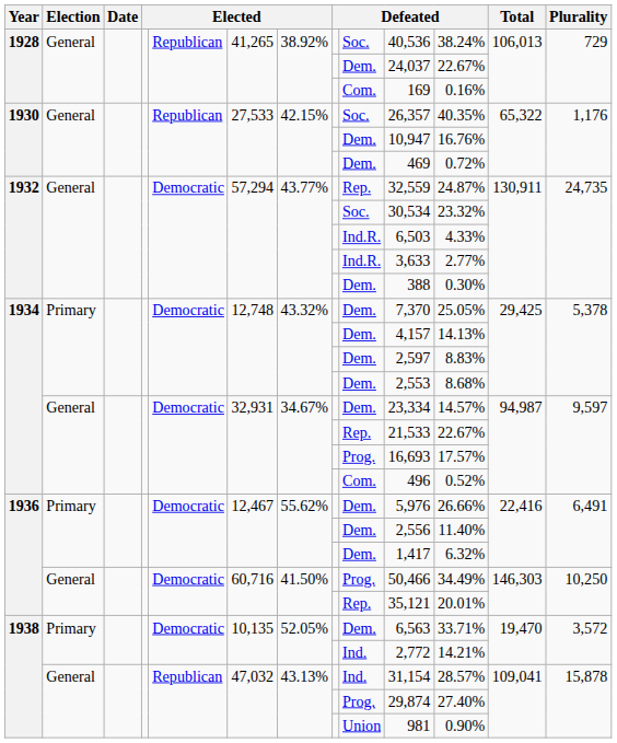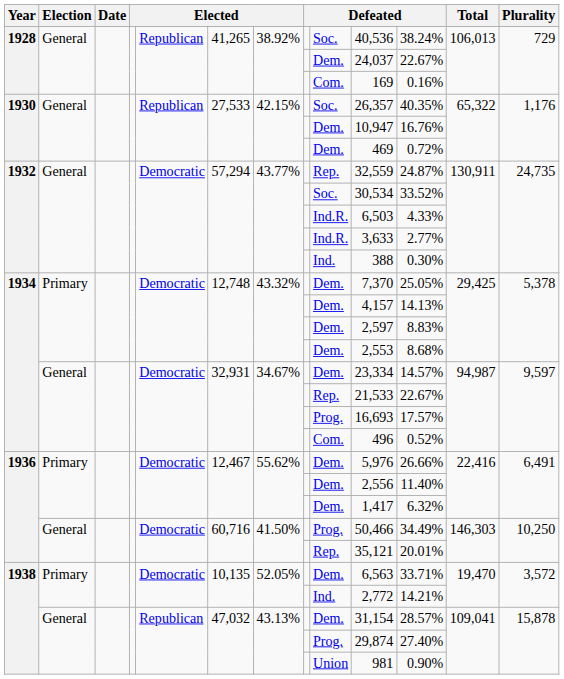 <table class=wikitable>
 <tr>
 <th>Year</th>
 <th>Election</th>
 <th>Date</th>
 <th ! colspan="4">Elected</th>
 <th ! colspan="4">Defeated</th>
 <th>Total</th>
 <th>Plurality</th>
 </tr>
 <tr>
 <th rowspan="3" valign="top">1928</th>
 <td rowspan="3" valign="top">General</td>
 <td rowspan="3" valign="top"></td>
 <td rowspan="3" valign="top"></td>
 <td rowspan="3" valign="top" ><a href='#'>Republican</a></td>
 <td rowspan="3" valign="top" align="right">41,265</td>
 <td rowspan="3" valign="top" align="right">38.92%</td>
 <td valign="top"></td>
 <td valign="top" ><a href='#'>Soc.</a></td>
 <td valign="top" align="right">40,536</td>
 <td valign="top" align="right">38.24%</td>
 <td rowspan="3" valign="top" align="right">106,013</td>
 <td rowspan="3" valign="top" align="right">729</td>
 </tr>
 <tr>
 <td valign="top"></td>
 <td valign="top" ><a href='#'>Dem.</a></td>
 <td valign="top" align="right">24,037</td>
 <td valign="top" align="right">22.67%</td>
 </tr>
 <tr>
 <td valign="top"></td>
 <td valign="top" ><a href='#'>Com.</a></td>
 <td valign="top" align="right">169</td>
 <td valign="top" align="right">0.16%</td>
 </tr>
 <tr>
 <th rowspan="3" valign="top">1930</th>
 <td rowspan="3" valign="top">General</td>
 <td rowspan="3" valign="top"></td>
 <td rowspan="3" valign="top"></td>
 <td rowspan="3" valign="top" ><a href='#'>Republican</a></td>
 <td rowspan="3" valign="top" align="right">27,533</td>
 <td rowspan="3" valign="top" align="right">42.15%</td>
 <td valign="top"></td>
 <td valign="top" ><a href='#'>Soc.</a></td>
 <td valign="top" align="right">26,357</td>
 <td valign="top" align="right">40.35%</td>
 <td rowspan="3" valign="top" align="right">65,322</td>
 <td rowspan="3" valign="top" align="right">1,176</td>
 </tr>
 <tr>
 <td valign="top"></td>
 <td valign="top" ><a href='#'>Dem.</a></td>
 <td valign="top" align="right">10,947</td>
 <td valign="top" align="right">16.76%</td>
 </tr>
 <tr>
 <td valign="top"></td>
 <td valign="top" ><a href='#'>Dem.</a></td>
 <td valign="top" align="right">469</td>
 <td valign="top" align="right">0.72%</td>
 </tr>
 <tr>
 <th rowspan="5" valign="top">1932</th>
 <td rowspan="5" valign="top">General</td>
 <td rowspan="5" valign="top"></td>
 <td rowspan="5" valign="top"></td>
 <td rowspan="5" valign="top" ><a href='#'>Democratic</a></td>
 <td rowspan="5" valign="top" align="right">57,294</td>
 <td rowspan="5" valign="top" align="right">43.77%</td>
 <td valign="top"></td>
 <td valign="top" ><a href='#'>Rep.</a></td>
 <td valign="top" align="right">32,559</td>
 <td valign="top" align="right">24.87%</td>
 <td rowspan="5" valign="top" align="right">130,911</td>
 <td rowspan="5" valign="top" align="right">24,735</td>
 </tr>
 <tr>
 <td valign="top"></td>
 <td valign="top" ><a href='#'>Soc.</a></td>
 <td valign="top" align="right">30,534</td>
-<td valign="top" align="right">23.32%</td>
+<td valign="top" align="right">33.52%</td>
 </tr>
 <tr>
 <td valign="top"></td>
 <td valign="top" ><a href='#'>Ind.R.</a></td>
 <td valign="top" align="right">6,503</td>
 <td valign="top" align="right">4.33%</td>
 </tr>
 <tr>
 <td valign="top"></td>
 <td valign="top" ><a href='#'>Ind.R.</a></td>
 <td valign="top" align="right">3,633</td>
 <td valign="top" align="right">2.77%</td>
 </tr>
 <tr>
 <td valign="top"></td>
-<td valign="top" ><a href='#'>Dem.</a></td>
+<td valign="top" ><a href='#'>Ind.</a></td>
 <td valign="top" align="right">388</td>
 <td valign="top" align="right">0.30%</td>
 </tr>
 <tr>
 <th rowspan="8" valign="top">1934</th>
 <td rowspan="4" valign="top">Primary</td>
 <td rowspan="4" valign="top"></td>
 <td rowspan="4" valign="top"></td>
 <td rowspan="4" valign="top" ><a href='#'>Democratic</a></td>
 <td rowspan="4" valign="top" align="right">12,748</td>
 <td rowspan="4" valign="top" align="right">43.32%</td>
 <td valign="top"></td>
 <td valign="top" ><a href='#'>Dem.</a></td>
 <td valign="top" align="right">7,370</td>
 <td valign="top" align="right">25.05%</td>
 <td rowspan="4" valign="top" align="right">29,425</td>
 <td rowspan="4" valign="top" align="right">5,378</td>
 </tr>
 <tr>
 <td valign="top"></td>
 <td valign="top" ><a href='#'>Dem.</a></td>
 <td valign="top" align="right">4,157</td>
 <td valign="top" align="right">14.13%</td>
 </tr>
 <tr>
 <td valign="top"></td>
 <td valign="top" ><a href='#'>Dem.</a></td>
 <td valign="top" align="right">2,597</td>
 <td valign="top" align="right">8.83%</td>
 </tr>
 <tr>
 <td valign="top"></td>
 <td valign="top" ><a href='#'>Dem.</a></td>
 <td valign="top" align="right">2,553</td>
 <td valign="top" align="right">8.68%</td>
 </tr>
 <tr>
 <td rowspan="4" valign="top">General</td>
 <td rowspan="4" valign="top"></td>
 <td rowspan="4" valign="top"></td>
 <td rowspan="4" valign="top" ><a href='#'>Democratic</a></td>
 <td rowspan="4" valign="top" align="right">32,931</td>
 <td rowspan="4" valign="top" align="right">34.67%</td>
 <td valign="top"></td>
 <td valign="top" ><a href='#'>Dem.</a></td>
 <td valign="top" align="right">23,334</td>
 <td valign="top" align="right">14.57%</td>
 <td rowspan="4" valign="top" align="right">94,987</td>
 <td rowspan="4" valign="top" align="right">9,597</td>
 </tr>
 <tr>
 <td valign="top"></td>
 <td valign="top" ><a href='#'>Rep.</a></td>
 <td valign="top" align="right">21,533</td>
 <td valign="top" align="right">22.67%</td>
 </tr>
 <tr>
 <td valign="top"></td>
 <td valign="top" ><a href='#'>Prog.</a></td>
 <td valign="top" align="right">16,693</td>
 <td valign="top" align="right">17.57%</td>
 </tr>
 <tr>
 <td valign="top"></td>
 <td valign="top" ><a href='#'>Com.</a></td>
 <td valign="top" align="right">496</td>
 <td valign="top" align="right">0.52%</td>
 </tr>
 <tr>
 <th rowspan="5" valign="top">1936</th>
 <td rowspan="3" valign="top">Primary</td>
 <td rowspan="3" valign="top"></td>
 <td rowspan="3" valign="top"></td>
 <td rowspan="3" valign="top" ><a href='#'>Democratic</a></td>
 <td rowspan="3" valign="top" align="right">12,467</td>
 <td rowspan="3" valign="top" align="right">55.62%</td>
 <td valign="top"></td>
 <td valign="top" ><a href='#'>Dem.</a></td>
 <td valign="top" align="right">5,976</td>
 <td valign="top" align="right">26.66%</td>
 <td rowspan="3" valign="top" align="right">22,416</td>
 <td rowspan="3" valign="top" align="right">6,491</td>
 </tr>
 <tr>
 <td valign="top"></td>
 <td valign="top" ><a href='#'>Dem.</a></td>
 <td valign="top" align="right">2,556</td>
 <td valign="top" align="right">11.40%</td>
 </tr>
 <tr>
 <td valign="top"></td>
 <td valign="top" ><a href='#'>Dem.</a></td>
 <td valign="top" align="right">1,417</td>
 <td valign="top" align="right">6.32%</td>
 </tr>
 <tr>
 <td rowspan="2" valign="top">General</td>
 <td rowspan="2" valign="top"></td>
 <td rowspan="2" valign="top"></td>
 <td rowspan="2" valign="top" ><a href='#'>Democratic</a></td>
 <td rowspan="2" valign="top" align="right">60,716</td>
 <td rowspan="2" valign="top" align="right">41.50%</td>
 <td valign="top"></td>
 <td valign="top" ><a href='#'>Prog.</a></td>
 <td valign="top" align="right">50,466</td>
 <td valign="top" align="right">34.49%</td>
 <td rowspan="2" valign="top" align="right">146,303</td>
 <td rowspan="2" valign="top" align="right">10,250</td>
 </tr>
 <tr>
 <td valign="top"></td>
 <td valign="top" ><a href='#'>Rep.</a></td>
 <td valign="top" align="right">35,121</td>
 <td valign="top" align="right">20.01%</td>
 </tr>
 <tr>
 <th rowspan="5" valign="top">1938</th>
 <td rowspan="2" valign="top">Primary</td>
 <td rowspan="2" valign="top"></td>
 <td rowspan="2" valign="top"></td>
 <td rowspan="2" valign="top" ><a href='#'>Democratic</a></td>
 <td rowspan="2" valign="top" align="right">10,135</td>
 <td rowspan="2" valign="top" align="right">52.05%</td>
 <td valign="top"></td>
 <td valign="top" ><a href='#'>Dem.</a></td>
 <td valign="top" align="right">6,563</td>
 <td valign="top" align="right">33.71%</td>
 <td rowspan="2" valign="top" align="right">19,470</td>
 <td rowspan="2" valign="top" align="right">3,572</td>
 </tr>
 <tr>
 <td valign="top"></td>
 <td valign="top" ><a href='#'>Ind.</a></td>
 <td valign="top" align="right">2,772</td>
 <td valign="top" align="right">14.21%</td>
 </tr>
 <tr>
 <td rowspan="3" valign="top">General</td>
 <td rowspan="3" valign="top"></td>
 <td rowspan="3" valign="top"></td>
 <td rowspan="3" valign="top" ><a href='#'>Republican</a></td>
 <td rowspan="3" valign="top" align="right">47,032</td>
 <td rowspan="3" valign="top" align="right">43.13%</td>
 <td valign="top"></td>
-<td valign="top" ><a href='#'>Ind.</a></td>
+<td valign="top" ><a href='#'>Dem.</a></td>
 <td valign="top" align="right">31,154</td>
 <td valign="top" align="right">28.57%</td>
 <td rowspan="3" valign="top" align="right">109,041</td>
 <td rowspan="3" valign="top" align="right">15,878</td>
 </tr>
 <tr>
 <td valign="top"></td>
 <td valign="top" ><a href='#'>Prog.</a></td>
 <td valign="top" align="right">29,874</td>
 <td valign="top" align="right">27.40%</td>
 </tr>
 <tr>
 <td valign="top"></td>
 <td valign="top" ><a href='#'>Union</a></td>
 <td valign="top" align="right">981</td>
 <td valign="top" align="right">0.90%</td>
 </tr>
 </table>
